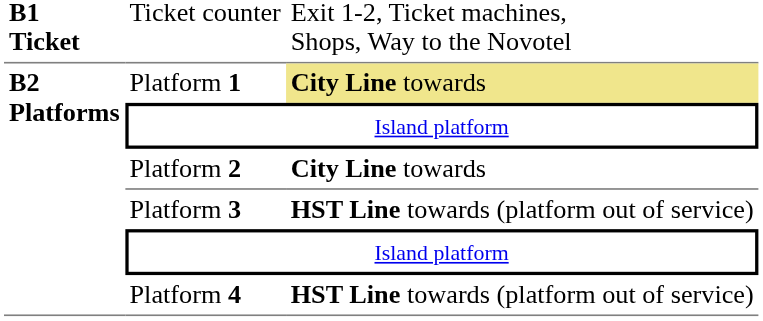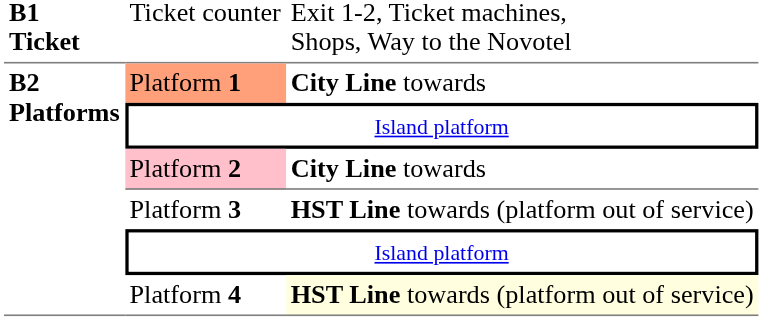 <table table border=0 cellspacing=0 cellpadding=3>
 <tr>
 <td style = "border-bottom:solid 1px gray;" rowspan=1 valign=top><strong>B1<br>Ticket<br></strong></td>
 <td style = "border-bottom:solid 1px gray;" valign=top>Ticket counter</td>
 <td style = "border-bottom:solid 1px gray;" valign=top>Exit 1-2, Ticket machines, <br>Shops, Way to the Novotel</td>
 </tr>
 <tr>
 <td style = "border-bottom:solid 1px gray;" rowspan=6 valign=top><strong>B2<br>Platforms</strong></td>
-<td>Platform <strong>1</strong></td>
-<td style="background: khaki;"><span><strong>City Line</strong> </span>towards </td>
+<td style="background: lightsalmon;">Platform <strong>1</strong></td>
+<td><span><strong>City Line</strong> </span>towards </td>
 </tr>
 <tr>
 <td style = "border-top:solid 2px black;border-right:solid 2px black;border-left:solid 2px black;border-bottom:solid 2px black;text-align:center;" colspan=2><small><a href='#'>Island platform</a></small></td>
 </tr>
 <tr>
-<td style = "border-bottom:solid 1px gray;">Platform <strong>2</strong></td>
+<td style = "background: pink; border-bottom:solid 1px gray;">Platform <strong>2</strong></td>
 <td style = "border-bottom:solid 1px gray;"><span><strong>City Line</strong> </span> towards </td>
 </tr>
 <tr>
 <td>Platform <strong>3</strong></td>
 <td><span> <strong>HST Line</strong> </span> towards  (platform out of service)</td>
 </tr>
 <tr>
 <td style = "border-top:solid 2px black;border-right:solid 2px black;border-left:solid 2px black;border-bottom:solid 2px black;text-align:center;" colspan=2><small><a href='#'>Island platform</a></small></td>
 </tr>
 <tr>
 <td style = "border-bottom:solid 1px gray;">Platform <strong>4</strong></td>
-<td style = "border-bottom:solid 1px gray;"><span> <strong>HST Line</strong> </span> towards  (platform out of service)</td>
+<td style = "background: lightyellow; border-bottom:solid 1px gray;"><span> <strong>HST Line</strong> </span> towards  (platform out of service)</td>
 </tr>
 </table>
